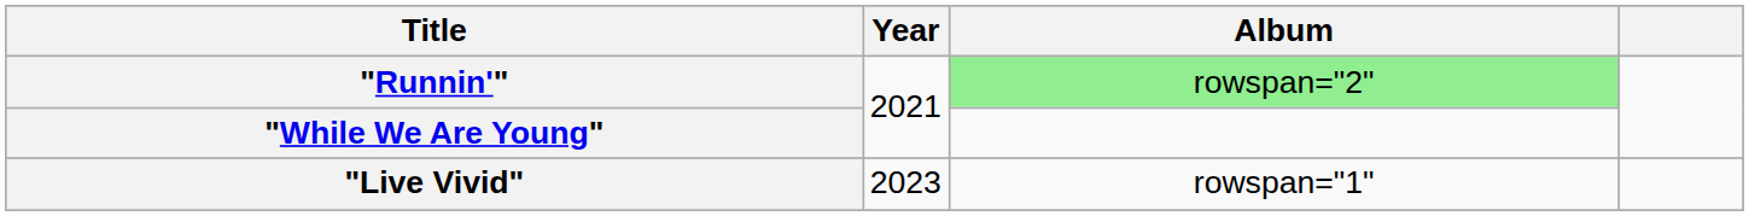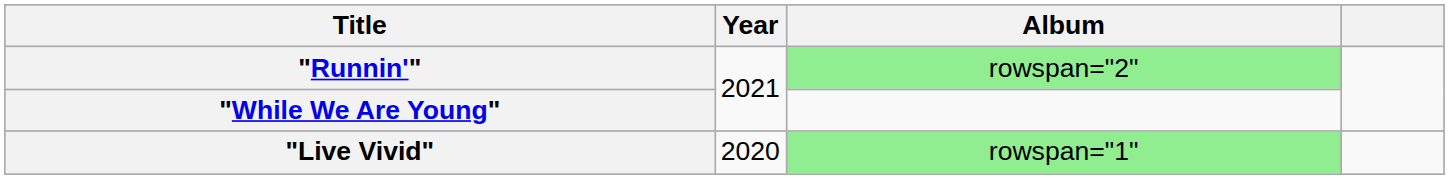 <table class="wikitable plainrowheaders" style="text-align:center;">
 <tr>
 <th rowspan="1" scope="col" style="width:30em;">Title</th>
 <th rowspan="1" scope="col" style="width:1em;">Year</th>
 <th rowspan="1" scope="col" style="width:23em;">Album</th>
 <th scope="col" rowspan="1" style="width:4em;"></th>
 </tr>
 <tr>
 <th scope="row">"<a href='#'>Runnin'</a>"<br></th>
 <td rowspan="2">2021</td>
 <td style="background: lightgreen;">rowspan="2" </td>
 <td rowspan="2"></td>
 </tr>
 <tr>
 <th scope="row">"<a href='#'>While We Are Young</a>"</th>
 </tr>
 <tr>
 <th scope="row">"Live Vivid"</th>
-<td rowspan="1">2023</td>
-<td>rowspan="1" </td>
+<td rowspan="1">2020</td>
+<td style="background: lightgreen;">rowspan="1" </td>
 <td rowspan="1"></td>
 </tr>
 </table>
